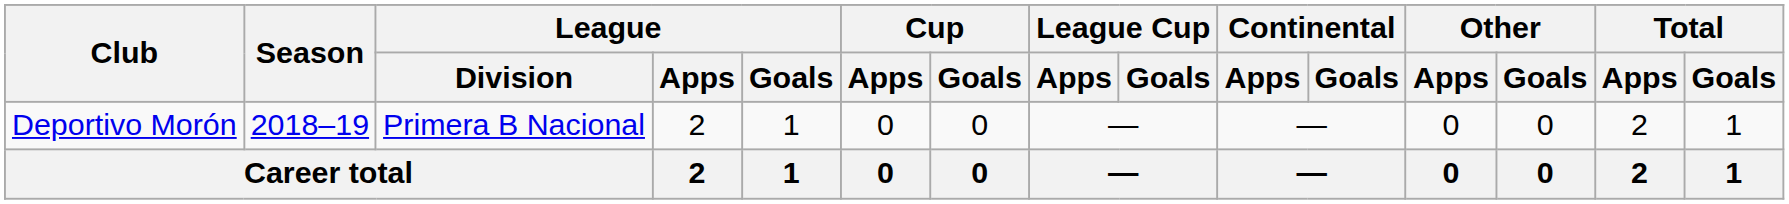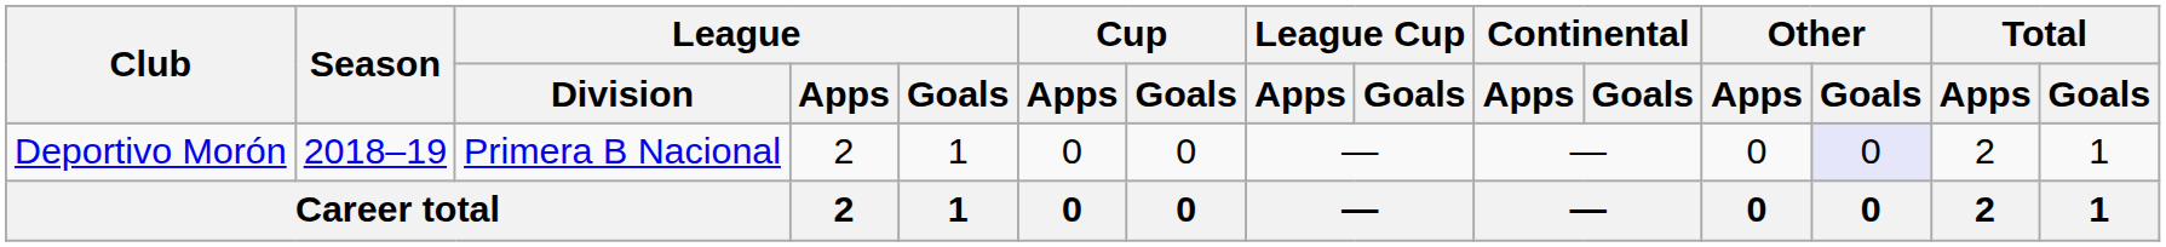 <table class="wikitable" style="text-align:center">
 <tr>
 <th rowspan="2">Club</th>
 <th rowspan="2">Season</th>
 <th colspan="3">League</th>
 <th colspan="2">Cup</th>
 <th colspan="2">League Cup</th>
 <th colspan="2">Continental</th>
 <th colspan="2">Other</th>
 <th colspan="2">Total</th>
 </tr>
 <tr>
 <th>Division</th>
 <th>Apps</th>
 <th>Goals</th>
 <th>Apps</th>
 <th>Goals</th>
 <th>Apps</th>
 <th>Goals</th>
 <th>Apps</th>
 <th>Goals</th>
 <th>Apps</th>
 <th>Goals</th>
 <th>Apps</th>
 <th>Goals</th>
 </tr>
 <tr>
 <td rowspan="1"><a href='#'>Deportivo Morón</a></td>
 <td><a href='#'>2018–19</a></td>
 <td rowspan="1"><a href='#'>Primera B Nacional</a></td>
 <td>2</td>
 <td>1</td>
 <td>0</td>
 <td>0</td>
 <td colspan="2">—</td>
 <td colspan="2">—</td>
 <td>0</td>
-<td>0</td>
+<td style="background: lavender;">0</td>
 <td>2</td>
 <td>1</td>
 </tr>
 <tr>
 <th colspan="3">Career total</th>
 <th>2</th>
 <th>1</th>
 <th>0</th>
 <th>0</th>
 <th colspan="2">—</th>
 <th colspan="2">—</th>
 <th>0</th>
 <th>0</th>
 <th>2</th>
 <th>1</th>
 </tr>
 </table>
